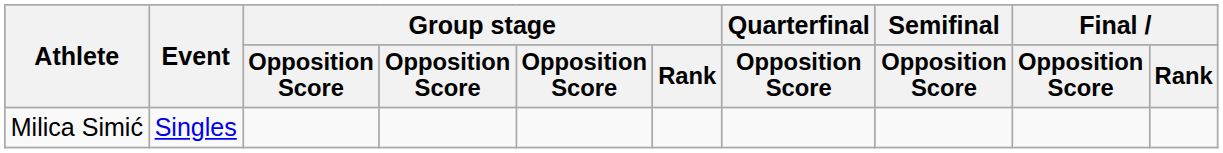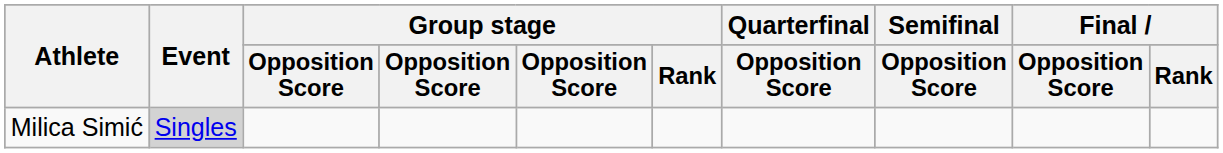 <table class="wikitable" style="font-size:90%">
 <tr>
 <th rowspan=2>Athlete</th>
 <th rowspan=2>Event</th>
 <th colspan=4>Group stage</th>
 <th>Quarterfinal</th>
 <th>Semifinal</th>
 <th colspan=2>Final / </th>
 </tr>
 <tr style="font-size:95%">
 <th>Opposition<br>Score</th>
 <th>Opposition<br>Score</th>
 <th>Opposition<br>Score</th>
 <th>Rank</th>
 <th>Opposition<br>Score</th>
 <th>Opposition<br>Score</th>
 <th>Opposition<br>Score</th>
 <th>Rank</th>
 </tr>
 <tr align=center>
 <td align=left>Milica Simić</td>
-<td align=left><a href='#'>Singles</a></td>
+<td align=left style="background: lightgrey;"><a href='#'>Singles</a></td>
 <td></td>
 <td></td>
 <td></td>
 <td></td>
 <td></td>
 <td></td>
 <td></td>
 <td></td>
 </tr>
 </table>
